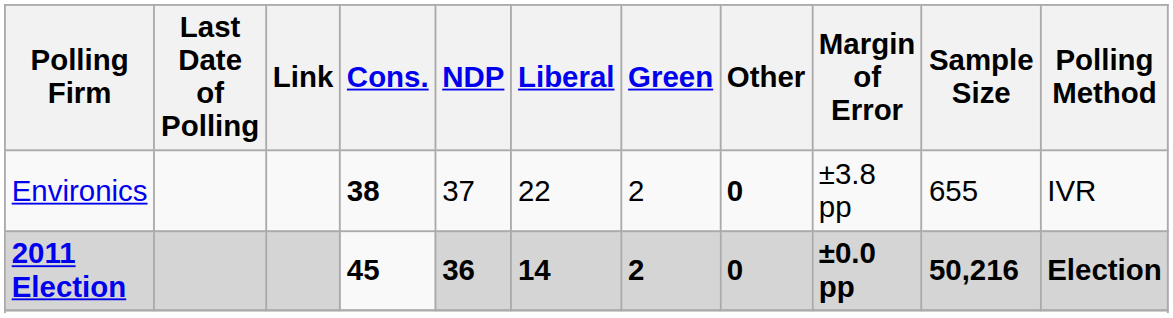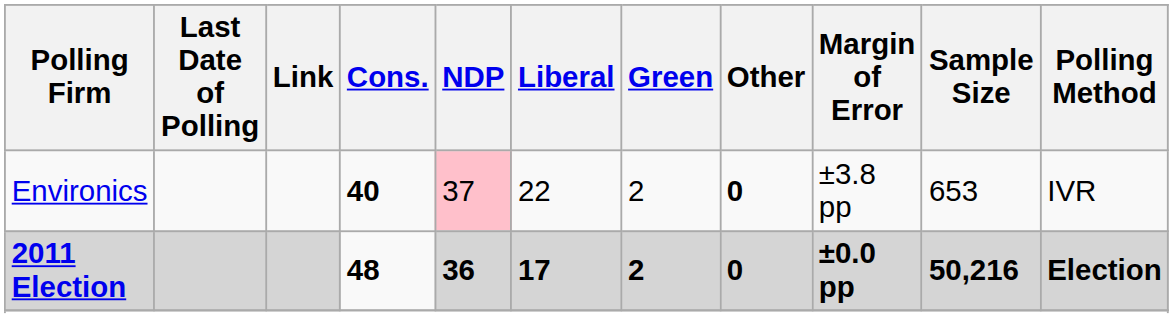 <table class="wikitable sortable">
 <tr style="background:#e9e9e9;">
 <th style="width:120px">Polling Firm</th>
 <th style="width:110px">Last Date<br>of Polling</th>
 <th style="width:60px" class="unsortable">Link</th>
 <th style="background-color:"><strong><a href='#'>Cons.</a></strong></th>
 <th style="background-color:"><strong><a href='#'>NDP</a></strong></th>
 <th style="background-color:"><strong><a href='#'>Liberal</a></strong></th>
 <th style="background-color:"><strong><a href='#'>Green</a></strong></th>
 <th style="background-color:"><strong>Other</strong></th>
 <th style="width:60px;" class=unsortable>Margin<br>of Error</th>
 <th style="width:50px;" class=unsortable>Sample<br>Size</th>
 <th class=unsortable>Polling Method</th>
 </tr>
 <tr>
 <td><a href='#'>Environics</a></td>
 <td></td>
 <td></td>
-<td><strong>38</strong></td>
-<td>37</td>
+<td><strong>40</strong></td>
+<td style="background: pink;">37</td>
 <td>22</td>
 <td>2</td>
 <td><strong>0</strong></td>
 <td>±3.8 pp</td>
-<td>655</td>
+<td>653</td>
 <td>IVR</td>
 </tr>
 <tr>
 <td style="background:#D5D5D5"><strong><a href='#'>2011 Election</a></strong></td>
 <td style="background:#D5D5D5"><strong></strong></td>
 <td style="background:#D5D5D5"></td>
-<td><strong>45</strong></td>
+<td><strong>48</strong></td>
 <td style="background:#D5D5D5"><strong>36</strong></td>
-<td style="background:#D5D5D5"><strong>14</strong></td>
+<td style="background:#D5D5D5"><strong>17</strong></td>
 <td style="background:#D5D5D5"><strong>2</strong></td>
 <td style="background:#D5D5D5"><strong>0</strong></td>
 <td style="background:#D5D5D5"><strong>±0.0 pp</strong></td>
 <td style="background:#D5D5D5"><strong>50,216</strong></td>
 <td style="background:#D5D5D5"><strong>Election</strong></td>
 </tr>
 <tr>
 </tr>
 <tr>
 </tr>
 </table>
